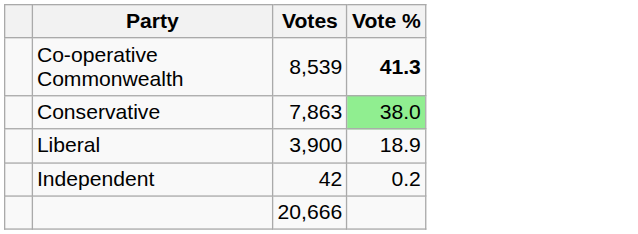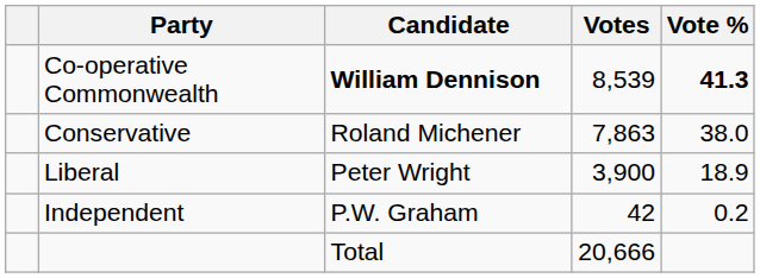 <table class="wikitable">
 <tr>
 <th></th>
 <th scope="col" width="175">Party</th>
+<th scope="col" width="150">Candidate</th>
 <th>Votes</th>
 <th>Vote %</th>
 </tr>
 <tr>
 <td>   </td>
 <td>Co-operative Commonwealth</td>
+<td><strong>William Dennison</strong></td>
 <td align=right>8,539</td>
 <td align=right><strong>41.3</strong></td>
 </tr>
 <tr |>
 <td>   </td>
 <td>Conservative</td>
+<td>Roland Michener</td>
 <td align=right>7,863</td>
-<td align=right style="background: lightgreen;">38.0</td>
+<td align=right>38.0</td>
 </tr>
 <tr |>
 <td>   </td>
 <td>Liberal</td>
+<td>Peter Wright</td>
 <td align=right>3,900</td>
 <td align=right>18.9<br> </td>
 </tr>
 <tr |>
 <td>   </td>
 <td>Independent</td>
+<td>P.W. Graham</td>
 <td align=right>42</td>
 <td align=right>0.2</td>
 </tr>
 <tr |>
 <td></td>
 <td></td>
+<td>Total</td>
 <td align=right>20,666</td>
 <td></td>
 </tr>
 </table>
